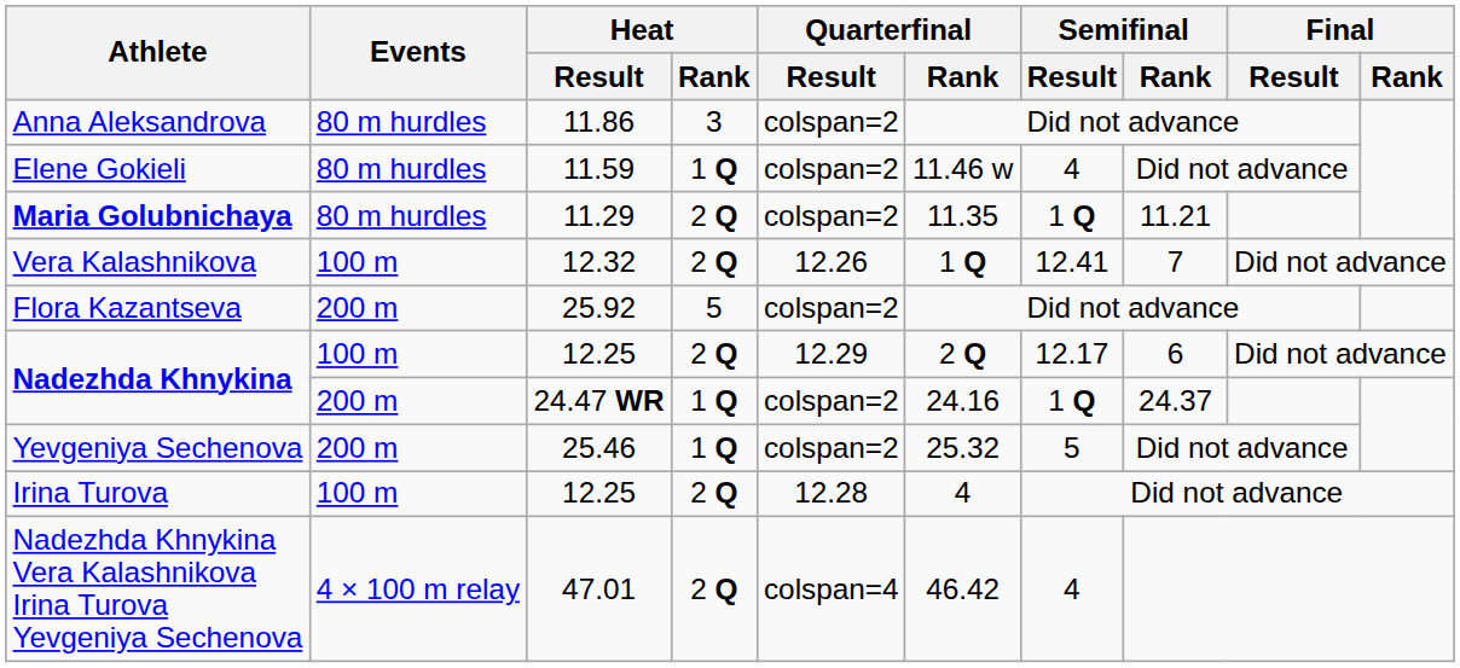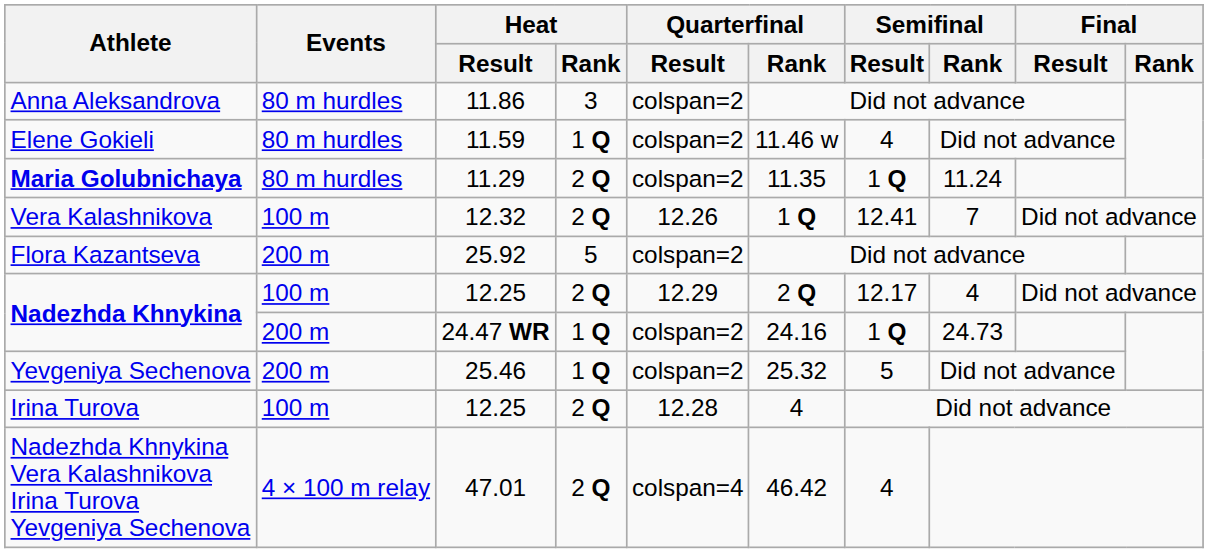 <table class=wikitable style="font-size:90%">
 <tr>
 <th rowspan="2">Athlete</th>
 <th rowspan="2">Events</th>
 <th colspan="2">Heat</th>
 <th colspan="2">Quarterfinal</th>
 <th colspan="2">Semifinal</th>
 <th colspan="2">Final</th>
 </tr>
 <tr>
 <th>Result</th>
 <th>Rank</th>
 <th>Result</th>
 <th>Rank</th>
 <th>Result</th>
 <th>Rank</th>
 <th>Result</th>
 <th>Rank</th>
 </tr>
 <tr>
 <td><a href='#'>Anna Aleksandrova</a></td>
 <td><a href='#'>80 m hurdles</a></td>
 <td align=center>11.86</td>
 <td align=center>3</td>
 <td>colspan=2 </td>
 <td align=center colspan="4">Did not advance</td>
 </tr>
 <tr>
 <td><a href='#'>Elene Gokieli</a></td>
 <td><a href='#'>80 m hurdles</a></td>
 <td align=center>11.59</td>
 <td align=center>1 <strong>Q</strong></td>
 <td>colspan=2 </td>
 <td align=center>11.46 w</td>
 <td align=center>4</td>
 <td align=center colspan="2">Did not advance</td>
 </tr>
 <tr>
 <td><strong><a href='#'>Maria Golubnichaya</a></strong></td>
 <td><a href='#'>80 m hurdles</a></td>
 <td align=center>11.29</td>
 <td align=center>2 <strong>Q</strong></td>
 <td>colspan=2 </td>
 <td align=center>11.35</td>
 <td align=center>1 <strong>Q</strong></td>
-<td align=center>11.21</td>
+<td align=center>11.24</td>
 <td align=center></td>
 </tr>
 <tr>
 <td><a href='#'>Vera Kalashnikova</a></td>
 <td><a href='#'>100 m</a></td>
 <td align=center>12.32</td>
 <td align=center>2 <strong>Q</strong></td>
 <td align=center>12.26</td>
 <td align=center>1 <strong>Q</strong></td>
 <td align=center>12.41</td>
 <td align=center>7</td>
 <td align=center colspan="2">Did not advance</td>
 </tr>
 <tr>
 <td><a href='#'>Flora Kazantseva</a></td>
 <td><a href='#'>200 m</a></td>
 <td align=center>25.92</td>
 <td align=center>5</td>
 <td>colspan=2 </td>
 <td align=center colspan="4">Did not advance</td>
 </tr>
 <tr>
 <td rowspan=2><strong><a href='#'>Nadezhda Khnykina</a></strong></td>
 <td><a href='#'>100 m</a></td>
 <td align=center>12.25</td>
 <td align=center>2 <strong>Q</strong></td>
 <td align=center>12.29</td>
 <td align=center>2 <strong>Q</strong></td>
 <td align=center>12.17</td>
-<td align=center>6</td>
+<td align=center>4</td>
 <td align=center colspan="2">Did not advance</td>
 </tr>
 <tr>
 <td><a href='#'>200 m</a></td>
 <td align=center>24.47 <strong>WR</strong></td>
 <td align=center>1 <strong>Q</strong></td>
 <td>colspan=2 </td>
 <td align=center>24.16</td>
 <td align=center>1 <strong>Q</strong></td>
-<td align=center>24.37</td>
+<td align=center>24.73</td>
 <td align=center></td>
 </tr>
 <tr>
 <td><a href='#'>Yevgeniya Sechenova</a></td>
 <td><a href='#'>200 m</a></td>
 <td align=center>25.46</td>
 <td align=center>1 <strong>Q</strong></td>
 <td>colspan=2 </td>
 <td align=center>25.32</td>
 <td align=center>5</td>
 <td align=center colspan="2">Did not advance</td>
 </tr>
 <tr>
 <td><a href='#'>Irina Turova</a></td>
 <td><a href='#'>100 m</a></td>
 <td align=center>12.25</td>
 <td align=center>2 <strong>Q</strong></td>
 <td align=center>12.28</td>
 <td align=center>4</td>
 <td align=center colspan="4">Did not advance</td>
 </tr>
 <tr>
 <td><a href='#'>Nadezhda Khnykina</a> <br><a href='#'>Vera Kalashnikova</a><br><a href='#'>Irina Turova</a><br><a href='#'>Yevgeniya Sechenova</a></td>
 <td><a href='#'>4 × 100 m relay</a></td>
 <td align=center>47.01</td>
 <td align=center>2 <strong>Q</strong></td>
 <td>colspan=4 </td>
 <td align=center>46.42</td>
 <td align=center>4</td>
 </tr>
 </table>
